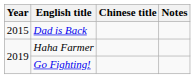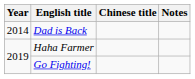 <table class="wikitable">
 <tr>
 <th>Year</th>
 <th>English title</th>
 <th>Chinese title</th>
 <th>Notes</th>
 </tr>
 <tr>
-<td>2015</td>
+<td>2014</td>
 <td><em><a href='#'>Dad is Back</a></em></td>
 <td></td>
 <td></td>
 </tr>
 <tr>
 <td rowspan=2>2019</td>
 <td><em>Haha Farmer</em></td>
 <td></td>
 <td></td>
 </tr>
 <tr>
 <td><em><a href='#'>Go Fighting!</a></em></td>
 <td></td>
 <td></td>
 </tr>
 </table>
